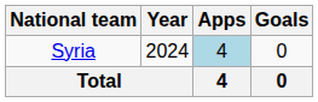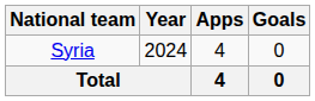 <table class="wikitable" style="text-align:center">
 <tr>
 <th>National team</th>
 <th>Year</th>
 <th>Apps</th>
 <th>Goals</th>
 </tr>
 <tr>
 <td><a href='#'>Syria</a></td>
 <td>2024</td>
-<td style="background: lightblue;">4</td>
+<td>4</td>
 <td>0</td>
 </tr>
 <tr>
 <th colspan="2">Total</th>
 <th>4</th>
 <th>0</th>
 </tr>
 </table>
